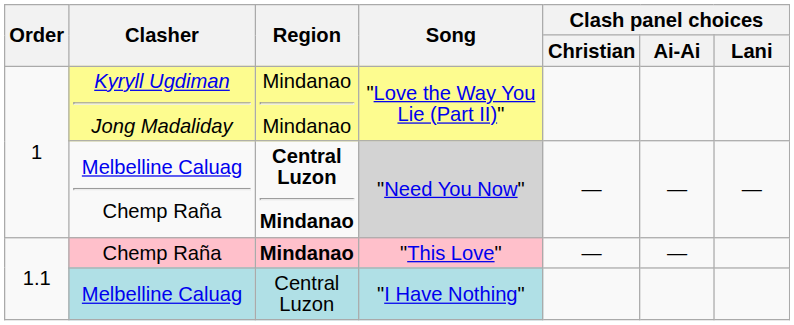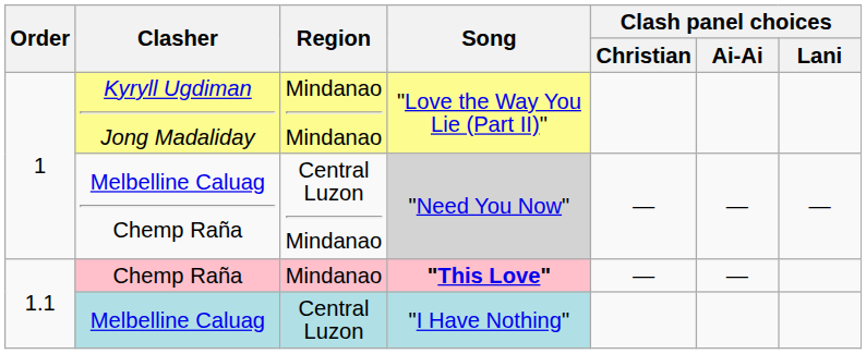 <table class="wikitable" style="text-align:center; line-height:17px; width:100%;">
 <tr>
 <th rowspan="2" width="5%">Order</th>
 <th rowspan="2" width="25%">Clasher</th>
 <th rowspan="2">Region</th>
 <th rowspan="2" width="25%">Song</th>
 <th colspan="3" width="30%">Clash panel choices</th>
 </tr>
 <tr>
 <th width="10%">Christian</th>
 <th width="10%">Ai-Ai</th>
 <th width="10%">Lani</th>
 </tr>
 <tr>
 <td rowspan="2">1</td>
 <td style="background:#fdfc8f;"><em><a href='#'>Kyryll Ugdiman</a></em><hr><em>Jong Madaliday</em></td>
 <td style="background:#fdfc8f;">Mindanao<hr>Mindanao</td>
 <td style="background:#fdfc8f;">"<a href='#'>Love the Way You Lie (Part II)</a>"</td>
 <td><strong></strong></td>
 <td><strong></strong></td>
 <td><strong></strong></td>
 </tr>
 <tr>
 <td><a href='#'>Melbelline Caluag</a><hr>Chemp Raña</td>
-<td><strong>Central Luzon<hr>Mindanao</strong></td>
+<td>Central Luzon<hr>Mindanao</td>
 <td style="background: lightgrey;">"<a href='#'>Need You Now</a>"</td>
 <td>—</td>
 <td>—</td>
 <td>—</td>
 </tr>
 <tr>
 <td rowspan="2">1.1</td>
 <td style="background:pink;">Chemp Raña</td>
-<td style="background:pink;"><strong>Mindanao</strong></td>
-<td style="background:pink;">"<a href='#'>This Love</a>"</td>
+<td style="background:pink;">Mindanao</td>
+<td style="background:pink;"><strong>"<a href='#'>This Love</a>"</strong></td>
 <td>—</td>
 <td>—</td>
 <td></td>
 </tr>
 <tr>
 <td style="background:#b0e0e6;"><a href='#'>Melbelline Caluag</a></td>
 <td style="background:#b0e0e6;">Central Luzon</td>
 <td style="background:#b0e0e6;">"<a href='#'>I Have Nothing</a>"</td>
 <td><strong></strong></td>
 <td><strong></strong></td>
 <td></td>
 </tr>
 </table>
